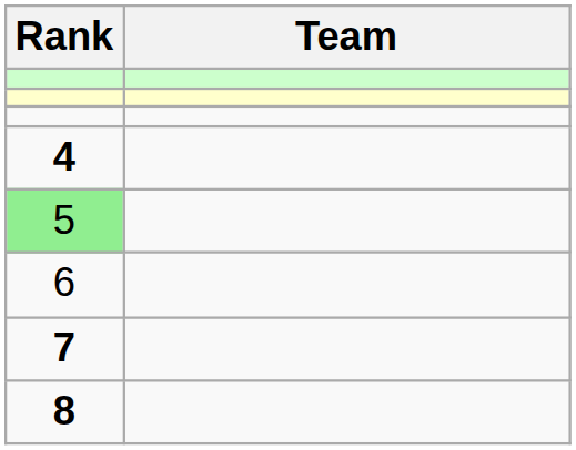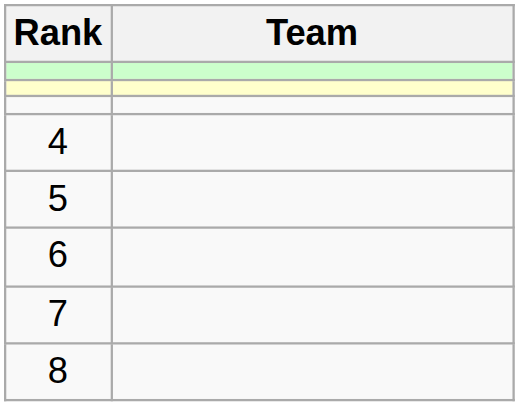 <table class="wikitable">
 <tr>
 <th>Rank</th>
 <th width=170>Team</th>
 </tr>
 <tr bgcolor=#ccffcc>
 <td align=center></td>
 <td></td>
 </tr>
 <tr bgcolor=#ffffcc>
 <td align=center></td>
 <td></td>
 </tr>
 <tr>
 <td align=center></td>
 <td></td>
 </tr>
 <tr>
-<td align=center><strong>4</strong></td>
+<td align=center>4</td>
 <td></td>
 </tr>
 <tr>
-<td align=center style="background: lightgreen;">5</td>
+<td align=center>5</td>
 <td></td>
 </tr>
 <tr>
 <td align=center>6</td>
 <td></td>
 </tr>
 <tr>
-<td align=center><strong>7</strong></td>
+<td align=center>7</td>
 <td></td>
 </tr>
 <tr>
-<td align=center><strong>8</strong></td>
+<td align=center>8</td>
 <td></td>
 </tr>
 </table>
